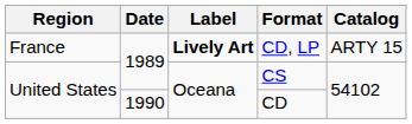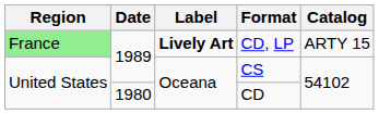 <table class="wikitable">
 <tr>
 <th>Region</th>
 <th>Date</th>
 <th>Label</th>
 <th>Format</th>
 <th>Catalog</th>
 </tr>
 <tr>
-<td>France</td>
+<td style="background: lightgreen;">France</td>
 <td rowspan="2">1989</td>
 <td><strong>Lively Art</strong></td>
 <td><a href='#'>CD</a>, <a href='#'>LP</a></td>
 <td>ARTY 15</td>
 </tr>
 <tr>
 <td rowspan="2">United States</td>
 <td rowspan="2">Oceana</td>
 <td><a href='#'>CS</a></td>
 <td rowspan="2">54102</td>
 </tr>
 <tr>
-<td>1990</td>
+<td>1980</td>
 <td>CD</td>
 </tr>
 </table>
